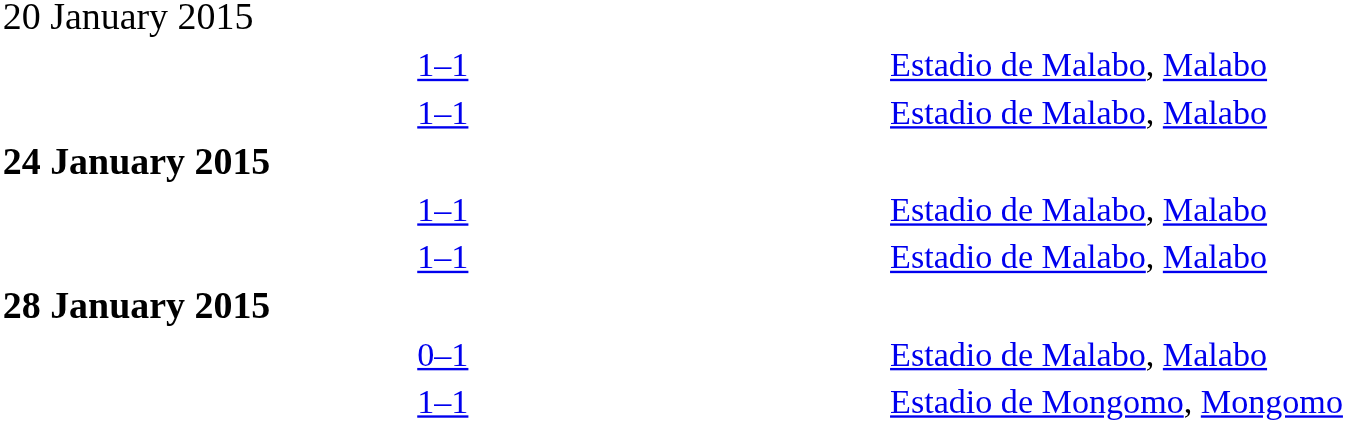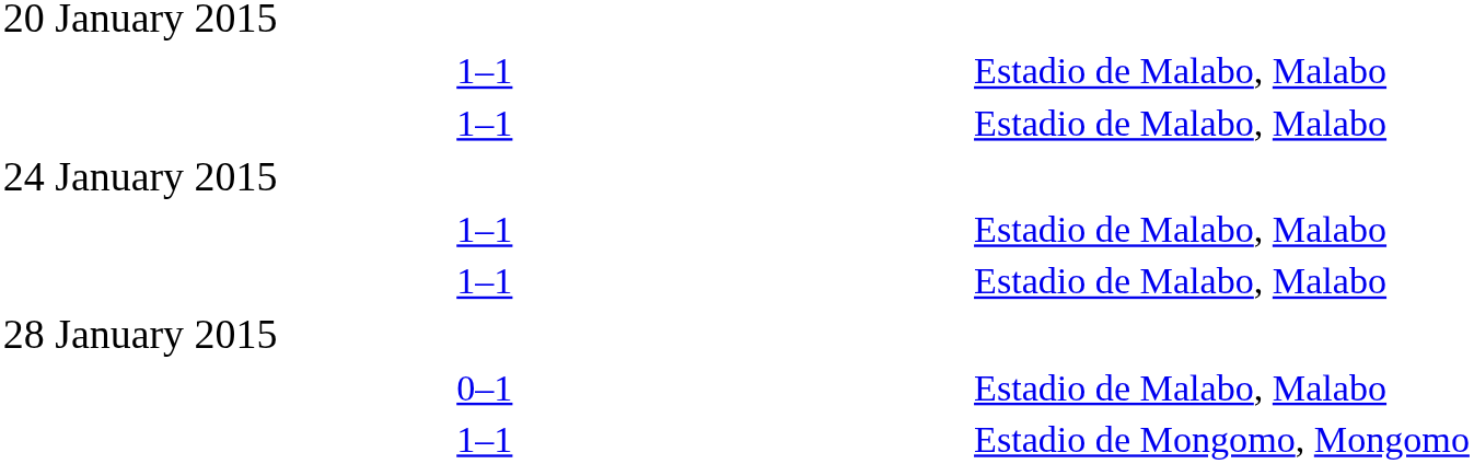 <table style="width:100%" cellspacing="1">
 <tr>
 <th width=25%></th>
 <th width=10%></th>
 <th width=25%></th>
 </tr>
 <tr>
 <td>20 January 2015</td>
 </tr>
 <tr style=font-size:90%>
 <td align=right></td>
 <td align=center><a href='#'>1–1</a></td>
 <td></td>
 <td><a href='#'>Estadio de Malabo</a>, <a href='#'>Malabo</a></td>
 </tr>
 <tr style=font-size:90%>
 <td align=right></td>
 <td align=center><a href='#'>1–1</a></td>
 <td></td>
 <td><a href='#'>Estadio de Malabo</a>, <a href='#'>Malabo</a></td>
 </tr>
 <tr>
-<td><strong>24 January 2015</strong></td>
+<td>24 January 2015</td>
 </tr>
 <tr style=font-size:90%>
 <td align=right></td>
 <td align=center><a href='#'>1–1</a></td>
 <td></td>
 <td><a href='#'>Estadio de Malabo</a>, <a href='#'>Malabo</a></td>
 </tr>
 <tr style=font-size:90%>
 <td align=right></td>
 <td align=center><a href='#'>1–1</a></td>
 <td></td>
 <td><a href='#'>Estadio de Malabo</a>, <a href='#'>Malabo</a></td>
 </tr>
 <tr>
-<td><strong>28 January 2015</strong></td>
+<td>28 January 2015</td>
 </tr>
 <tr style=font-size:90%>
 <td align=right></td>
 <td align=center><a href='#'>0–1</a></td>
 <td></td>
 <td><a href='#'>Estadio de Malabo</a>, <a href='#'>Malabo</a></td>
 </tr>
 <tr style=font-size:90%>
 <td align=right></td>
 <td align=center><a href='#'>1–1</a></td>
 <td></td>
 <td><a href='#'>Estadio de Mongomo</a>, <a href='#'>Mongomo</a></td>
 </tr>
 </table>
